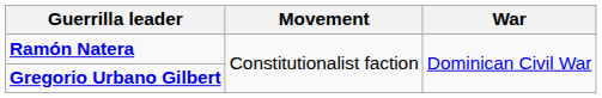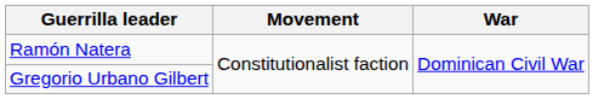 <table class="wikitable">
 <tr>
 <th>Guerrilla leader</th>
 <th>Movement</th>
 <th>War</th>
 </tr>
 <tr>
-<td><strong><a href='#'>Ramón Natera</a></strong></td>
+<td><a href='#'>Ramón Natera</a></td>
 <td rowspan="2">Constitutionalist faction</td>
 <td rowspan="2"><a href='#'>Dominican Civil War</a></td>
 </tr>
 <tr>
-<td><strong><a href='#'>Gregorio Urbano Gilbert</a></strong></td>
+<td><a href='#'>Gregorio Urbano Gilbert</a></td>
 </tr>
 </table>
